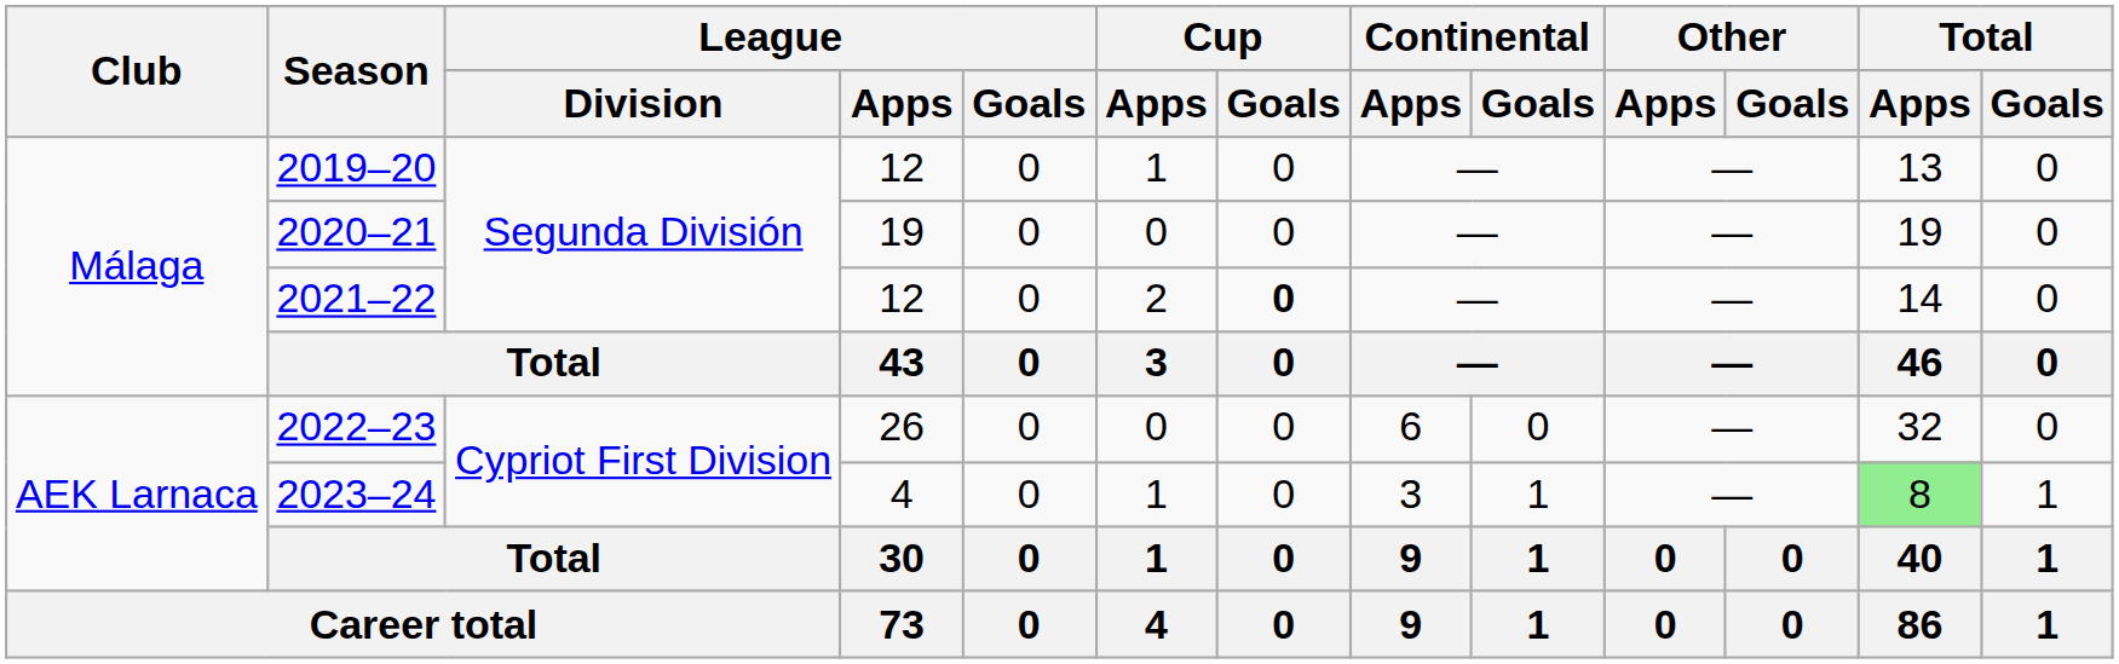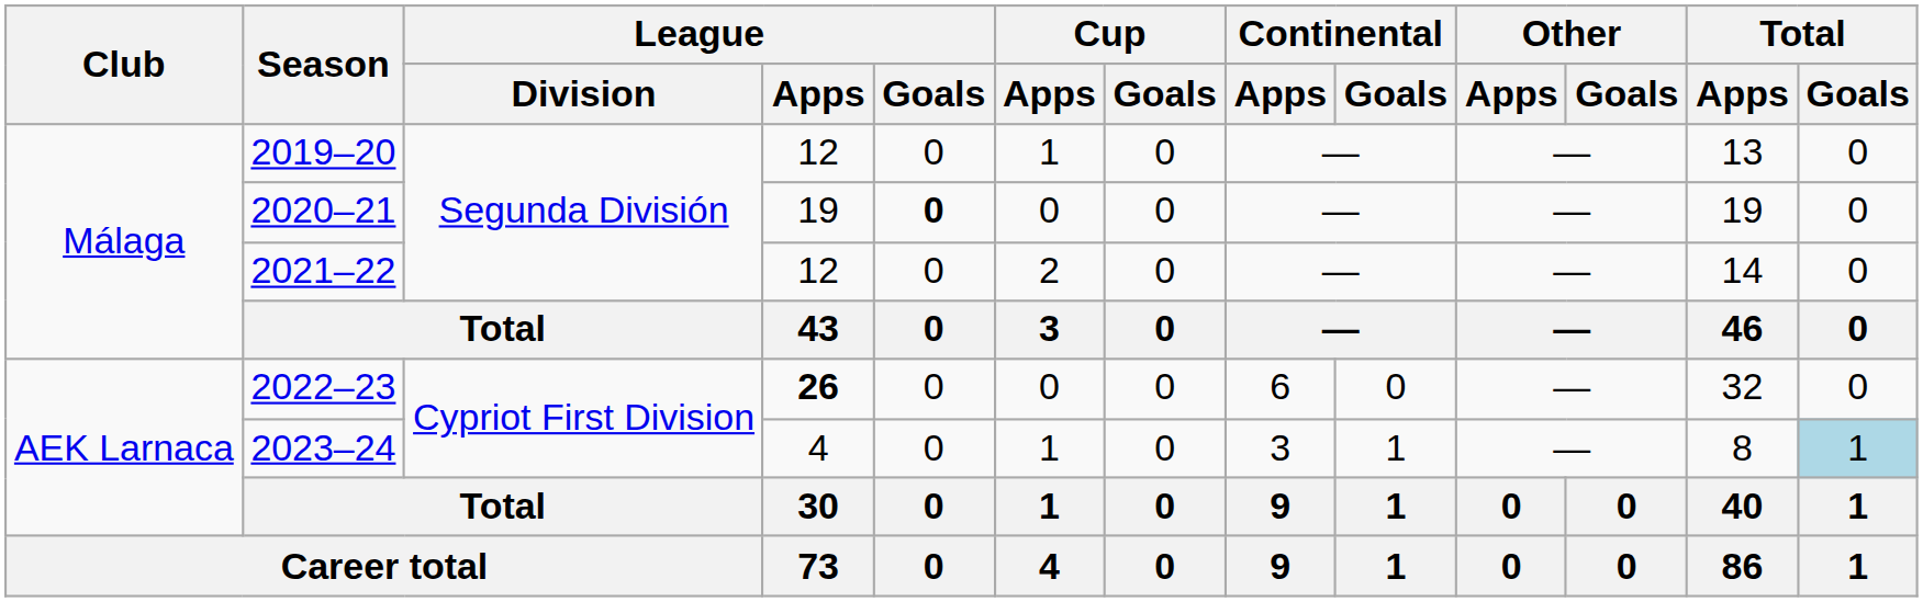 <table class="wikitable" style="text-align:center">
 <tr>
 <th rowspan=2>Club</th>
 <th rowspan=2>Season</th>
 <th colspan=3>League</th>
 <th colspan=2>Cup</th>
 <th colspan=2>Continental</th>
 <th colspan=2>Other</th>
 <th colspan=2>Total</th>
 </tr>
 <tr>
 <th>Division</th>
 <th>Apps</th>
 <th>Goals</th>
 <th>Apps</th>
 <th>Goals</th>
 <th>Apps</th>
 <th>Goals</th>
 <th>Apps</th>
 <th>Goals</th>
 <th>Apps</th>
 <th>Goals</th>
 </tr>
 <tr>
 <td rowspan="4"><a href='#'>Málaga</a></td>
 <td><a href='#'>2019–20</a></td>
 <td rowspan="3"><a href='#'>Segunda División</a></td>
 <td>12</td>
 <td>0</td>
 <td>1</td>
 <td>0</td>
 <td colspan="2">—</td>
 <td colspan="2">—</td>
 <td>13</td>
 <td>0</td>
 </tr>
 <tr>
 <td><a href='#'>2020–21</a></td>
 <td>19</td>
-<td>0</td>
+<td><strong>0</strong></td>
 <td>0</td>
 <td>0</td>
 <td colspan="2">—</td>
 <td colspan="2">—</td>
 <td>19</td>
 <td>0</td>
 </tr>
 <tr>
 <td><a href='#'>2021–22</a></td>
 <td>12</td>
 <td>0</td>
 <td>2</td>
-<td><strong>0</strong></td>
+<td>0</td>
 <td colspan="2">—</td>
 <td colspan="2">—</td>
 <td>14</td>
 <td>0</td>
 </tr>
 <tr>
 <th colspan="2">Total</th>
 <th>43</th>
 <th>0</th>
 <th>3</th>
 <th>0</th>
 <th colspan="2">—</th>
 <th colspan="2">—</th>
 <th>46</th>
 <th>0</th>
 </tr>
 <tr>
 <td rowspan="3"><a href='#'>AEK Larnaca</a></td>
 <td><a href='#'>2022–23</a></td>
 <td rowspan="2"><a href='#'>Cypriot First Division</a></td>
-<td>26</td>
+<td><strong>26</strong></td>
 <td>0</td>
 <td>0</td>
 <td>0</td>
 <td>6</td>
 <td>0</td>
 <td colspan="2">—</td>
 <td>32</td>
 <td>0</td>
 </tr>
 <tr>
 <td><a href='#'>2023–24</a></td>
 <td>4</td>
 <td>0</td>
 <td>1</td>
 <td>0</td>
 <td>3</td>
 <td>1</td>
 <td colspan="2">—</td>
-<td style="background: lightgreen;">8</td>
-<td>1</td>
+<td>8</td>
+<td style="background: lightblue;">1</td>
 </tr>
 <tr>
 <th colspan="2">Total</th>
 <th>30</th>
 <th>0</th>
 <th>1</th>
 <th>0</th>
 <th>9</th>
 <th>1</th>
 <th>0</th>
 <th>0</th>
 <th>40</th>
 <th>1</th>
 </tr>
 <tr>
 <th colspan="3">Career total</th>
 <th>73</th>
 <th>0</th>
 <th>4</th>
 <th>0</th>
 <th>9</th>
 <th>1</th>
 <th>0</th>
 <th>0</th>
 <th>86</th>
 <th>1</th>
 </tr>
 </table>
